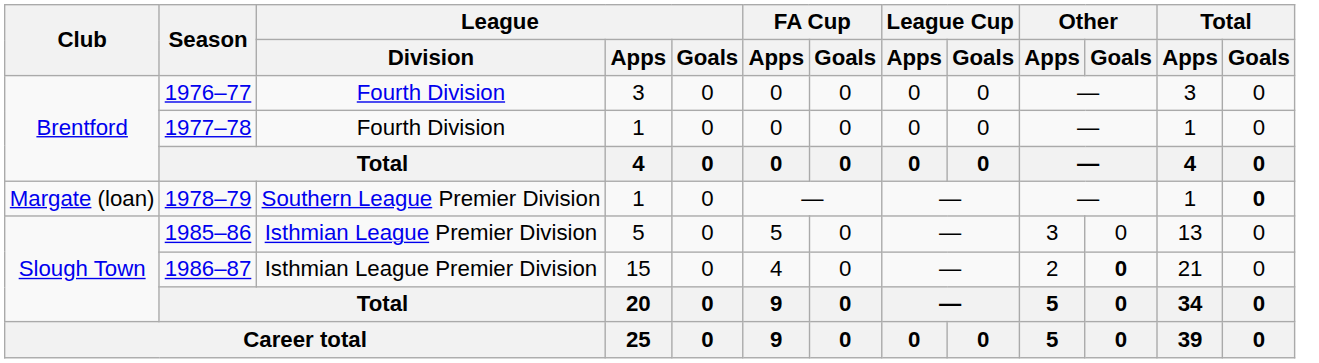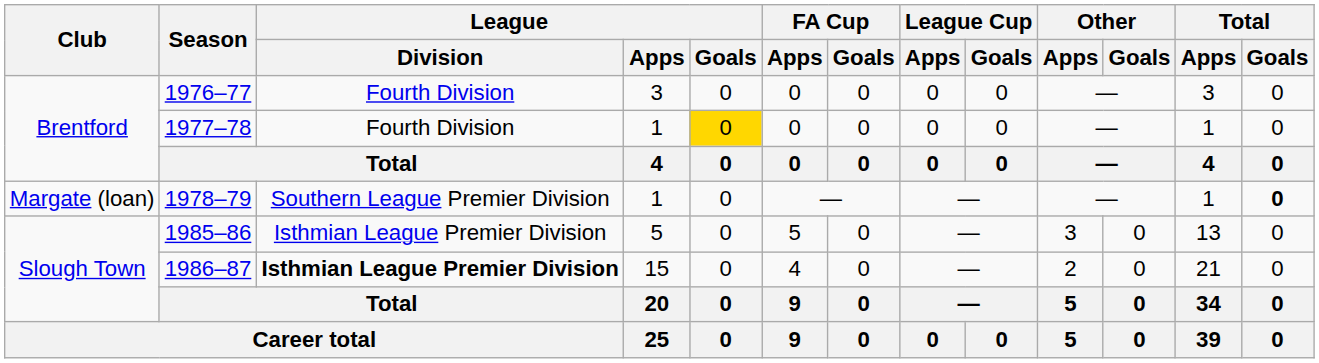 <table class="wikitable" style="text-align: center;">
 <tr>
 <th rowspan="2">Club</th>
 <th rowspan="2">Season</th>
 <th colspan="3">League</th>
 <th colspan="2">FA Cup</th>
 <th colspan="2">League Cup</th>
 <th colspan="2">Other</th>
 <th colspan="2">Total</th>
 </tr>
 <tr>
 <th>Division</th>
 <th>Apps</th>
 <th>Goals</th>
 <th>Apps</th>
 <th>Goals</th>
 <th>Apps</th>
 <th>Goals</th>
 <th>Apps</th>
 <th>Goals</th>
 <th>Apps</th>
 <th>Goals</th>
 </tr>
 <tr>
 <td rowspan="3"><a href='#'>Brentford</a></td>
 <td><a href='#'>1976–77</a></td>
 <td><a href='#'>Fourth Division</a></td>
 <td>3</td>
 <td>0</td>
 <td>0</td>
 <td>0</td>
 <td>0</td>
 <td>0</td>
 <td colspan="2">—</td>
 <td>3</td>
 <td>0</td>
 </tr>
 <tr>
 <td><a href='#'>1977–78</a></td>
 <td>Fourth Division</td>
 <td>1</td>
-<td>0</td>
+<td style="background: gold;">0</td>
 <td>0</td>
 <td>0</td>
 <td>0</td>
 <td>0</td>
 <td colspan="2">—</td>
 <td>1</td>
 <td>0</td>
 </tr>
 <tr>
 <th colspan="2">Total</th>
 <th>4</th>
 <th>0</th>
 <th>0</th>
 <th>0</th>
 <th>0</th>
 <th>0</th>
 <th colspan="2">—</th>
 <th>4</th>
 <th>0</th>
 </tr>
 <tr>
 <td><a href='#'>Margate</a> (loan)</td>
 <td><a href='#'>1978–79</a></td>
 <td><a href='#'>Southern League</a> Premier Division</td>
 <td>1</td>
 <td>0</td>
 <td colspan="2">—</td>
 <td colspan="2">—</td>
 <td colspan="2">—</td>
 <td>1</td>
 <td><strong>0</strong></td>
 </tr>
 <tr>
 <td rowspan="3"><a href='#'>Slough Town</a></td>
 <td><a href='#'>1985–86</a></td>
 <td><a href='#'>Isthmian League</a> Premier Division</td>
 <td>5</td>
 <td>0</td>
 <td>5</td>
 <td>0</td>
 <td colspan="2">—</td>
 <td>3</td>
 <td>0</td>
 <td>13</td>
 <td>0</td>
 </tr>
 <tr>
 <td><a href='#'>1986–87</a></td>
-<td>Isthmian League Premier Division</td>
+<td><strong>Isthmian League Premier Division</strong></td>
 <td>15</td>
 <td>0</td>
 <td>4</td>
 <td>0</td>
 <td colspan="2">—</td>
 <td>2</td>
-<td><strong>0</strong></td>
+<td>0</td>
 <td>21</td>
 <td>0</td>
 </tr>
 <tr>
 <th colspan="2">Total</th>
 <th>20</th>
 <th>0</th>
 <th>9</th>
 <th>0</th>
 <th colspan="2">—</th>
 <th>5</th>
 <th>0</th>
 <th>34</th>
 <th>0</th>
 </tr>
 <tr>
 <th colspan="3">Career total</th>
 <th>25</th>
 <th>0</th>
 <th>9</th>
 <th>0</th>
 <th>0</th>
 <th>0</th>
 <th>5</th>
 <th>0</th>
 <th>39</th>
 <th>0</th>
 </tr>
 </table>
